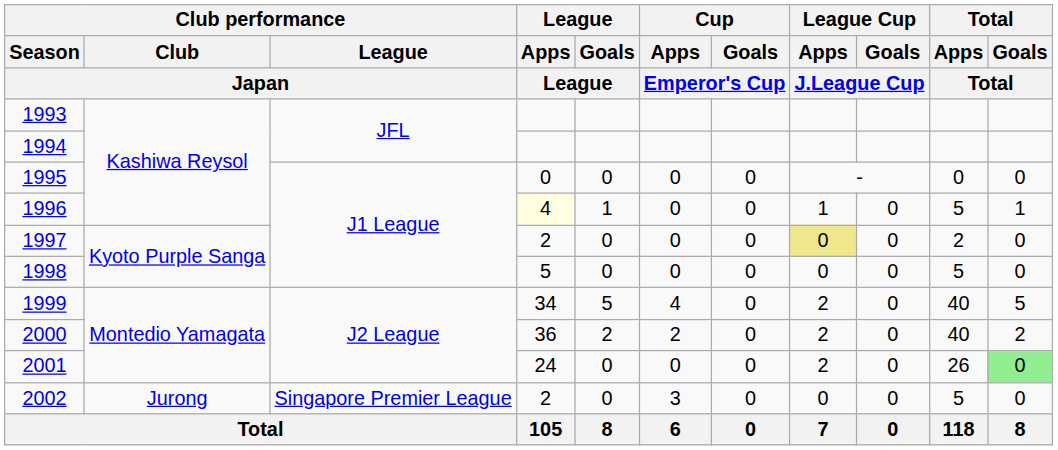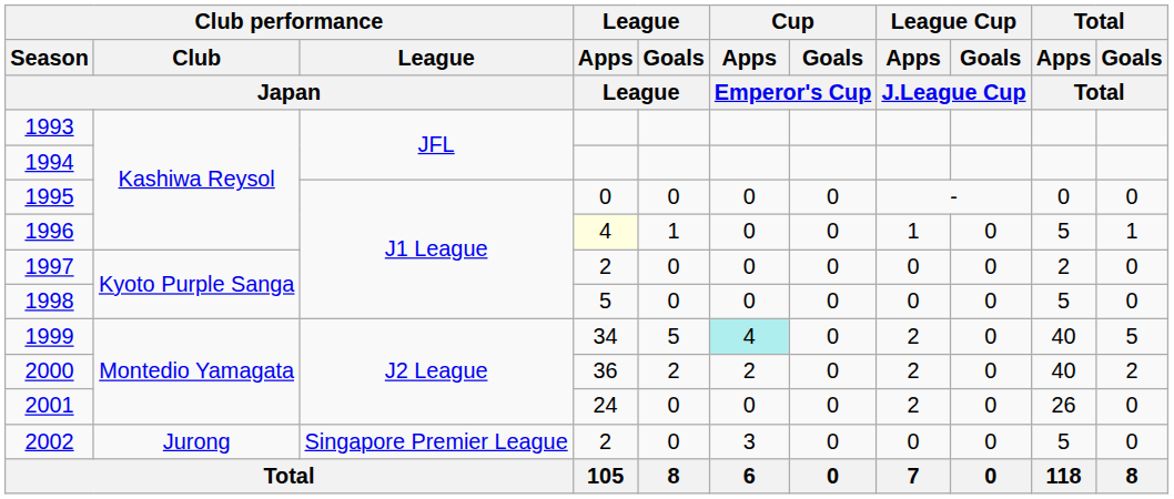 <table class="wikitable" style="text-align:center;">
 <tr>
 <th colspan=3>Club performance</th>
 <th colspan=2>League</th>
 <th colspan=2>Cup</th>
 <th colspan=2>League Cup</th>
 <th colspan=2>Total</th>
 </tr>
 <tr>
 <th>Season</th>
 <th>Club</th>
 <th>League</th>
 <th>Apps</th>
 <th>Goals</th>
 <th>Apps</th>
 <th>Goals</th>
 <th>Apps</th>
 <th>Goals</th>
 <th>Apps</th>
 <th>Goals</th>
 </tr>
 <tr>
 <th colspan=3>Japan</th>
 <th colspan=2>League</th>
 <th colspan=2><a href='#'>Emperor's Cup</a></th>
 <th colspan=2><a href='#'>J.League Cup</a></th>
 <th colspan=2>Total</th>
 </tr>
 <tr>
 <td><a href='#'>1993</a></td>
 <td rowspan="4"><a href='#'>Kashiwa Reysol</a></td>
 <td rowspan="2"><a href='#'>JFL</a></td>
 <td></td>
 <td></td>
 <td></td>
 <td></td>
 <td></td>
 <td></td>
 <td></td>
 <td></td>
 </tr>
 <tr>
 <td><a href='#'>1994</a></td>
 <td></td>
 <td></td>
 <td></td>
 <td></td>
 <td></td>
 <td></td>
 <td></td>
 <td></td>
 </tr>
 <tr>
 <td><a href='#'>1995</a></td>
 <td rowspan="4"><a href='#'>J1 League</a></td>
 <td>0</td>
 <td>0</td>
 <td>0</td>
 <td>0</td>
 <td colspan="2">-</td>
 <td>0</td>
 <td>0</td>
 </tr>
 <tr>
 <td><a href='#'>1996</a></td>
 <td style="background: lightyellow;">4</td>
 <td>1</td>
 <td>0</td>
 <td>0</td>
 <td>1</td>
 <td>0</td>
 <td>5</td>
 <td>1</td>
 </tr>
 <tr>
 <td><a href='#'>1997</a></td>
 <td rowspan="2"><a href='#'>Kyoto Purple Sanga</a></td>
 <td>2</td>
 <td>0</td>
 <td>0</td>
 <td>0</td>
-<td style="background: khaki;">0</td>
+<td>0</td>
 <td>0</td>
 <td>2</td>
 <td>0</td>
 </tr>
 <tr>
 <td><a href='#'>1998</a></td>
 <td>5</td>
 <td>0</td>
 <td>0</td>
 <td>0</td>
 <td>0</td>
 <td>0</td>
 <td>5</td>
 <td>0</td>
 </tr>
 <tr>
 <td><a href='#'>1999</a></td>
 <td rowspan="3"><a href='#'>Montedio Yamagata</a></td>
 <td rowspan="3"><a href='#'>J2 League</a></td>
 <td>34</td>
 <td>5</td>
-<td>4</td>
+<td style="background: paleturquoise;">4</td>
 <td>0</td>
 <td>2</td>
 <td>0</td>
 <td>40</td>
 <td>5</td>
 </tr>
 <tr>
 <td><a href='#'>2000</a></td>
 <td>36</td>
 <td>2</td>
 <td>2</td>
 <td>0</td>
 <td>2</td>
 <td>0</td>
 <td>40</td>
 <td>2</td>
 </tr>
 <tr>
 <td><a href='#'>2001</a></td>
 <td>24</td>
 <td>0</td>
 <td>0</td>
 <td>0</td>
 <td>2</td>
 <td>0</td>
 <td>26</td>
-<td style="background: lightgreen;">0</td>
+<td>0</td>
 </tr>
 <tr>
 <td><a href='#'>2002</a></td>
 <td><a href='#'>Jurong</a></td>
 <td><a href='#'>Singapore Premier League</a></td>
 <td>2</td>
 <td>0</td>
 <td>3</td>
 <td>0</td>
 <td>0</td>
 <td>0</td>
 <td>5</td>
 <td>0</td>
 </tr>
 <tr>
 <th colspan=3>Total</th>
 <th>105</th>
 <th>8</th>
 <th>6</th>
 <th>0</th>
 <th>7</th>
 <th>0</th>
 <th>118</th>
 <th>8</th>
 </tr>
 </table>
